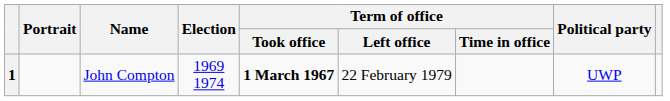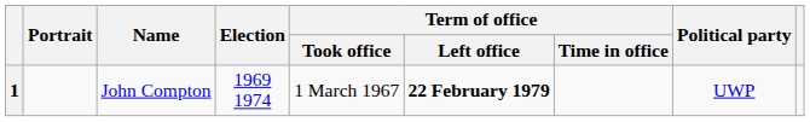 <table class=wikitable style=text-align:center>
 <tr>
 <th rowspan="2"></th>
 <th rowspan="2">Portrait</th>
 <th rowspan="2">Name<br></th>
 <th rowspan="2">Election</th>
 <th colspan="3">Term of office</th>
 <th rowspan="2">Political party</th>
 <th rowspan="2"></th>
 </tr>
 <tr>
 <th>Took office</th>
 <th>Left office</th>
 <th>Time in office</th>
 </tr>
 <tr>
 <th style="background:">1</th>
 <td></td>
 <td><a href='#'>John Compton</a><br></td>
 <td><a href='#'>1969</a><br><a href='#'>1974</a></td>
-<td><strong>1 March 1967</strong></td>
-<td>22 February 1979</td>
+<td>1 March 1967</td>
+<td><strong>22 February 1979</strong></td>
 <td></td>
 <td><a href='#'>UWP</a></td>
 <td></td>
 </tr>
 </table>
